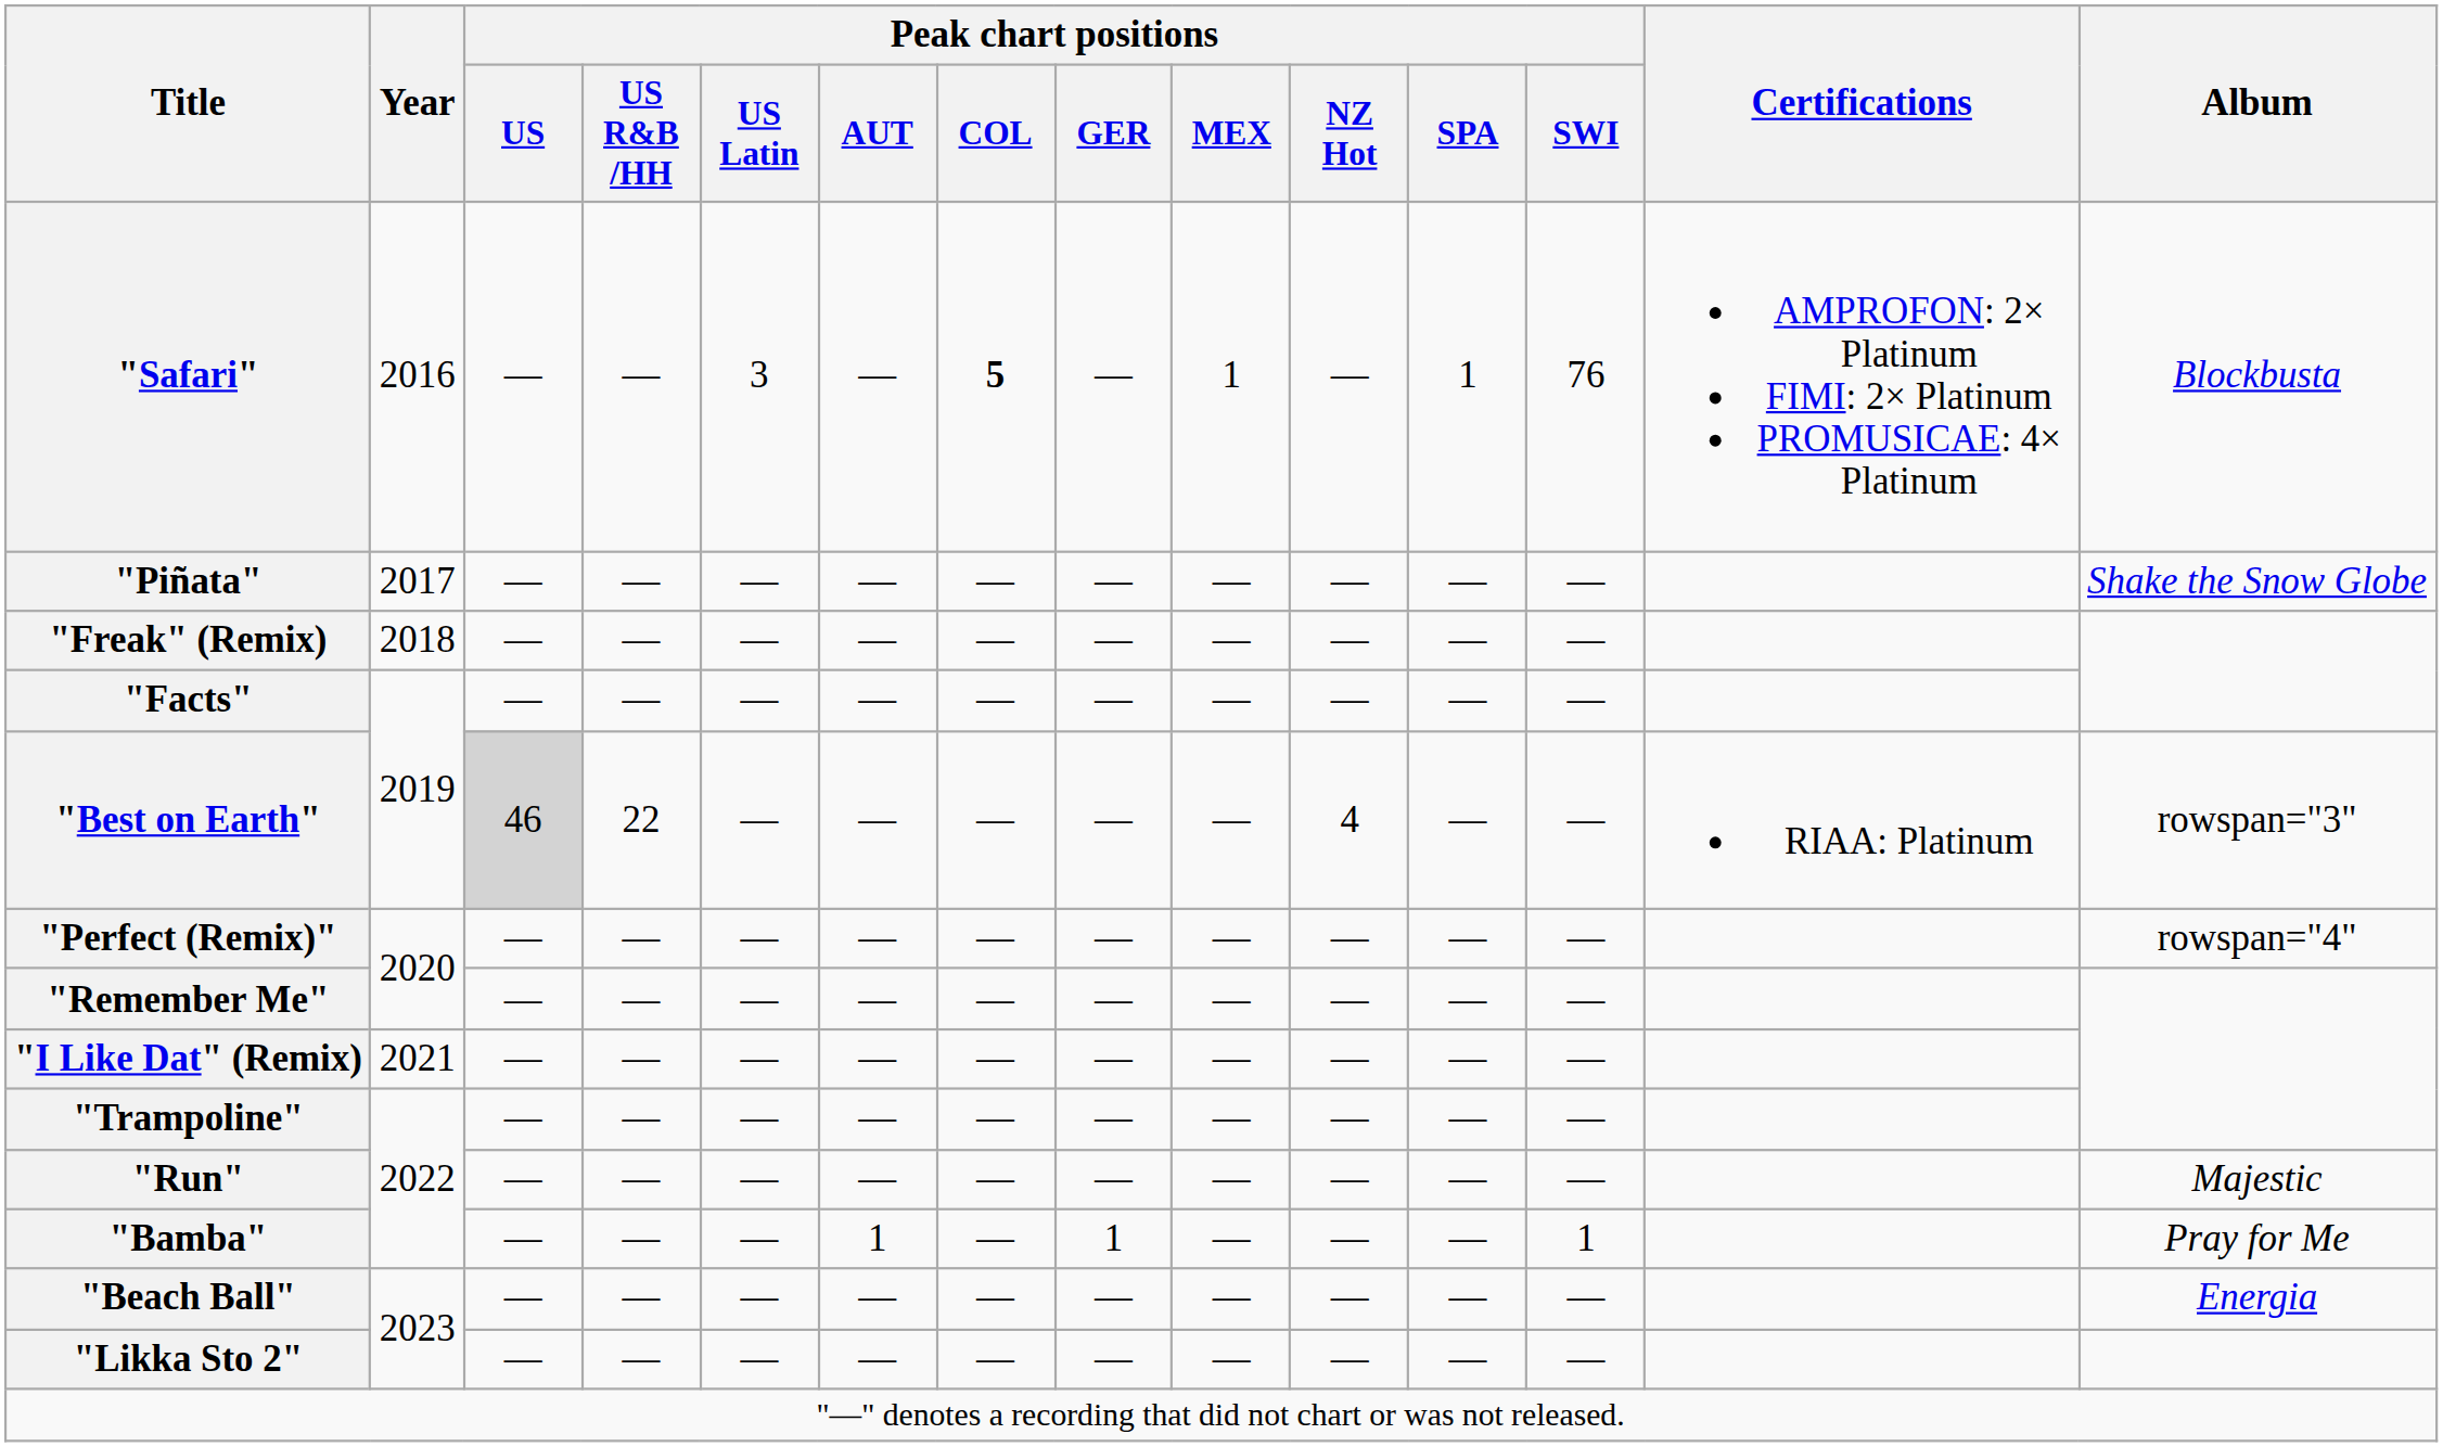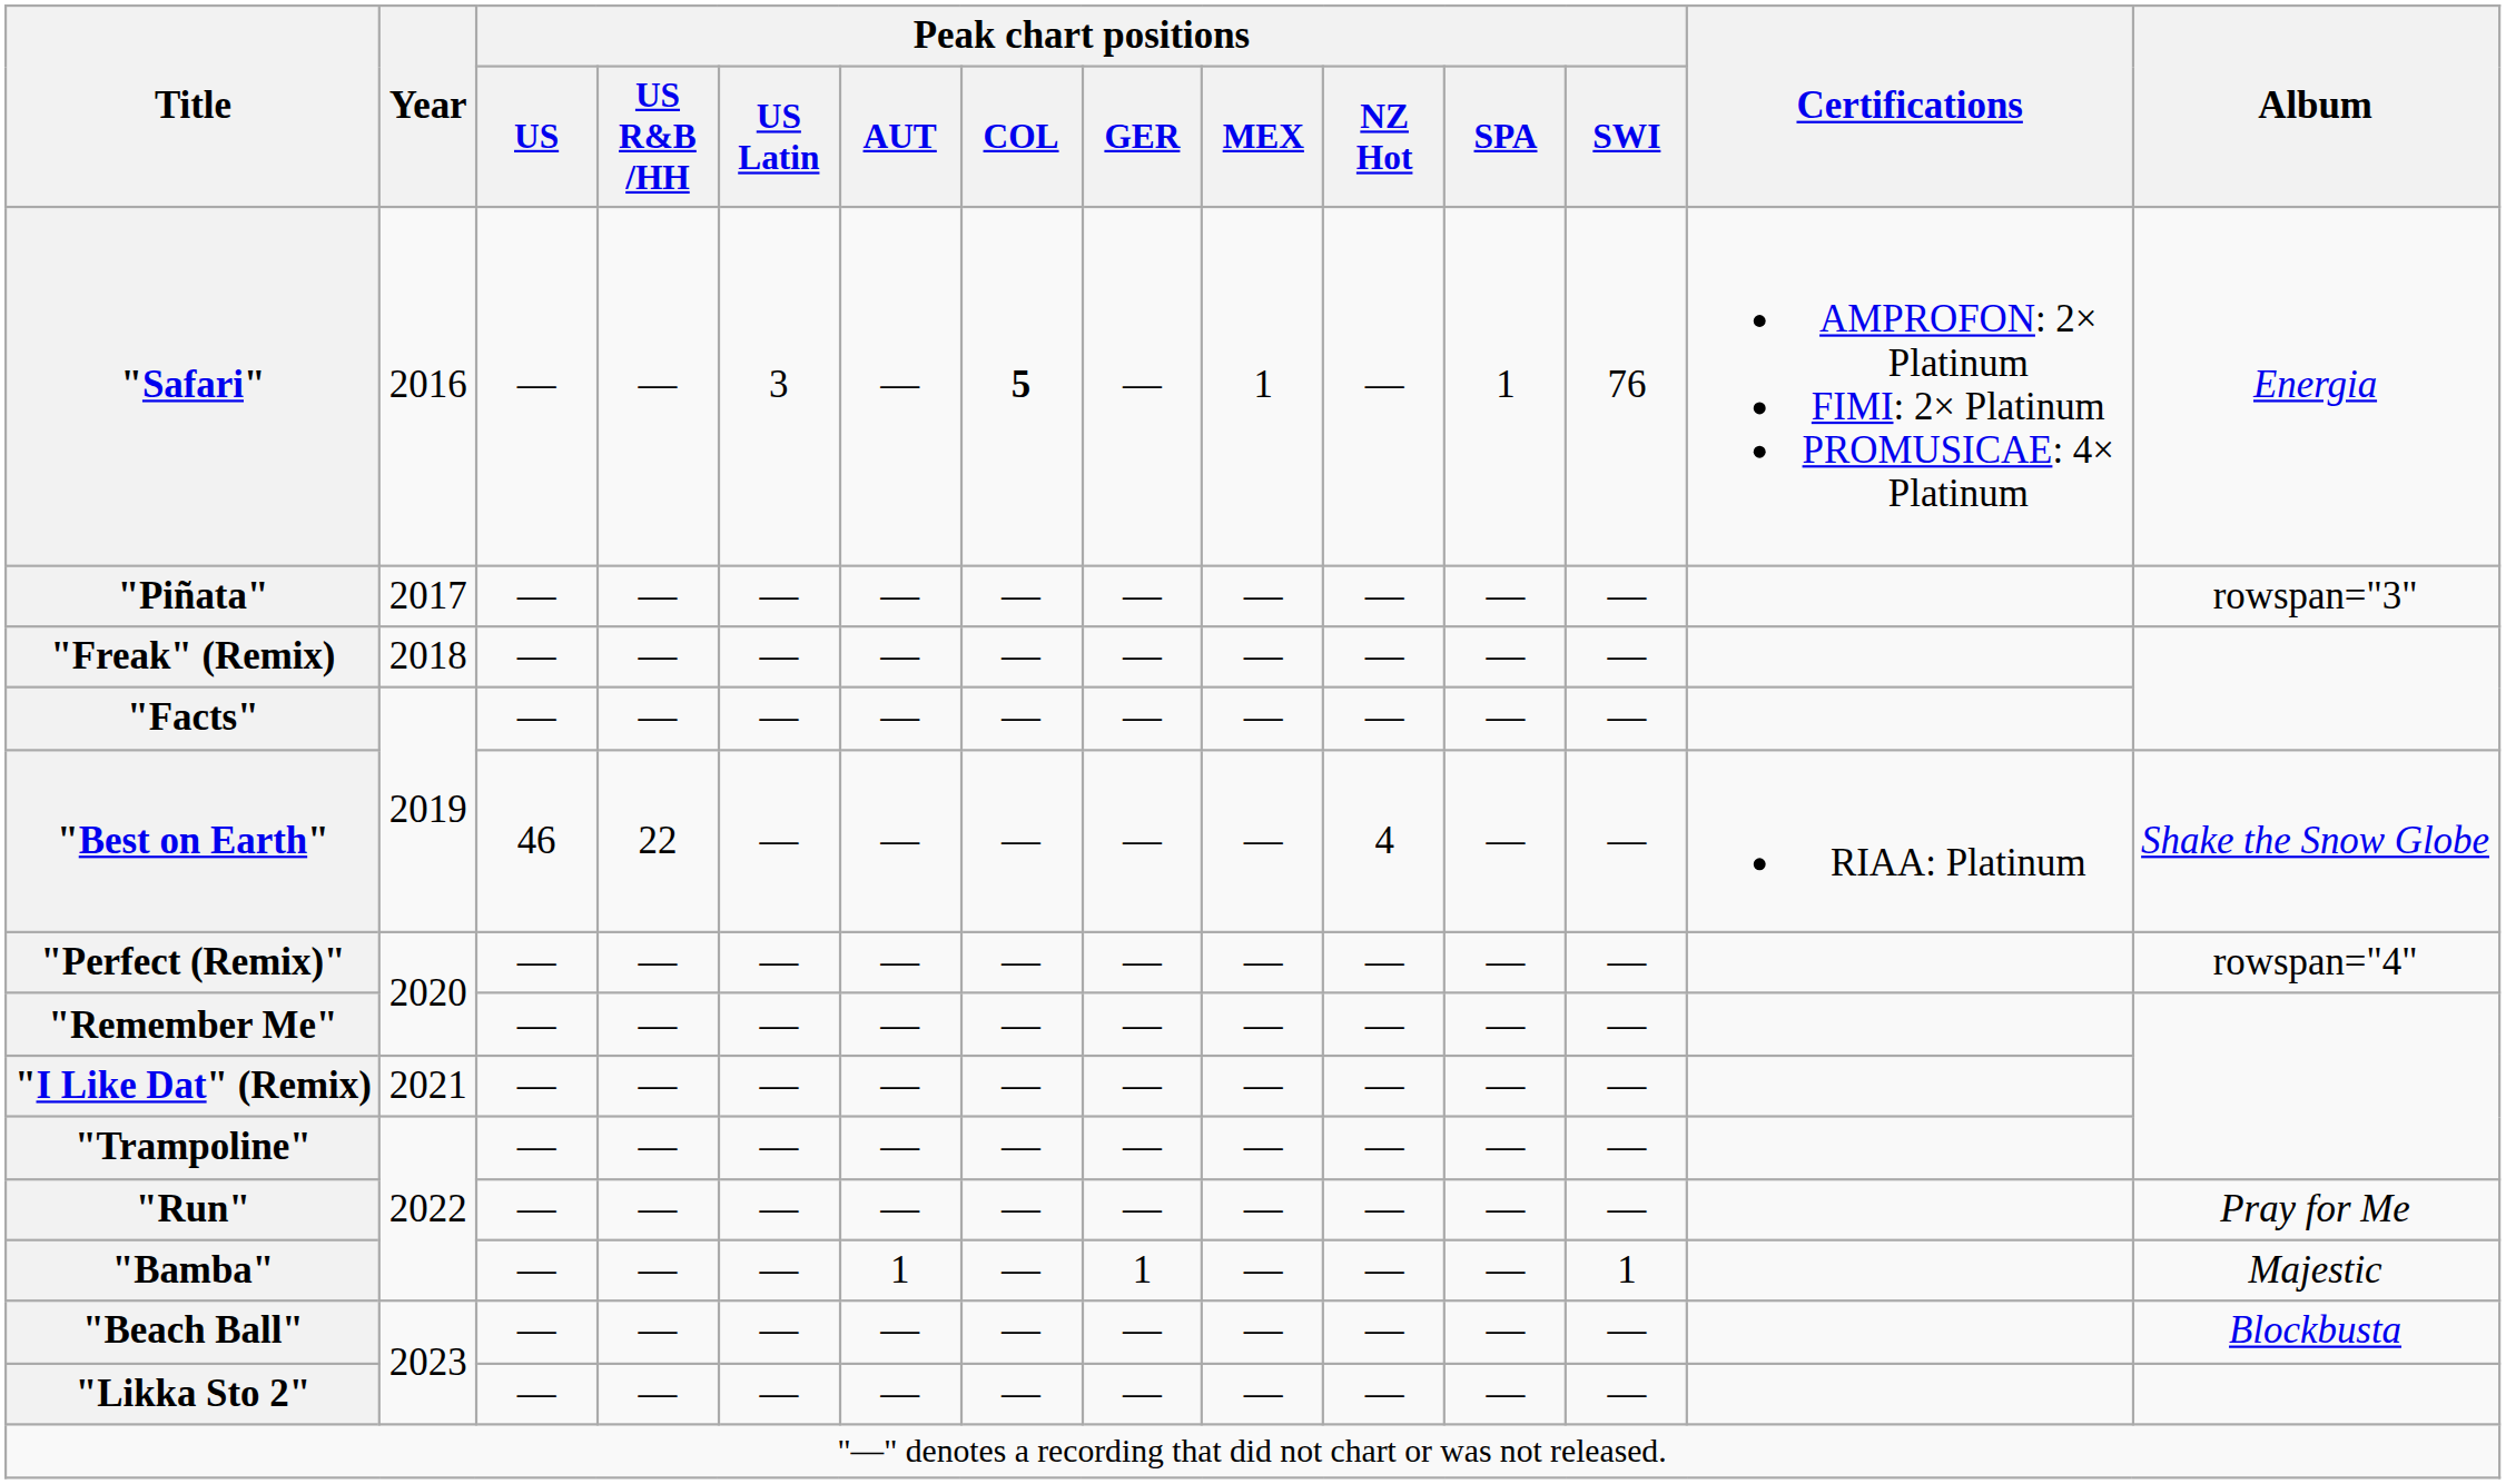 <table class="wikitable plainrowheaders" style="text-align:center;">
 <tr>
 <th scope="col" rowspan="2">Title</th>
 <th scope="col" rowspan="2">Year</th>
 <th colspan="10" scope="col">Peak chart positions</th>
 <th scope="col" rowspan="2" style="width:11em;"><a href='#'>Certifications</a></th>
 <th scope="col" rowspan="2">Album</th>
 </tr>
 <tr>
 <th scope="col" style="width:3em;font-size:90%;"><a href='#'>US</a><br></th>
 <th scope="col" style="width:3em;font-size:90%;"><a href='#'>US<br>R&B<br>/HH</a><br></th>
 <th scope="col" style="width:3em;font-size:90%;"><a href='#'>US<br>Latin</a><br></th>
 <th scope="col" style="width:3em;font-size:90%;"><a href='#'>AUT</a><br></th>
 <th scope="col" style="width:3em;font-size:90%;"><a href='#'>COL</a><br></th>
 <th scope="col" style="width:3em;font-size:90%;"><a href='#'>GER</a><br></th>
 <th scope="col" style="width:3em;font-size:90%;"><a href='#'>MEX</a><br></th>
 <th scope="col" style="width:3em;font-size:90%;"><a href='#'>NZ<br>Hot</a><br></th>
 <th scope="col" style="width:3em;font-size:90%;"><a href='#'>SPA</a><br></th>
 <th scope="col" style="width:3em;font-size:90%;"><a href='#'>SWI</a><br></th>
 </tr>
 <tr>
 <th scope="row">"<a href='#'>Safari</a>"<br></th>
 <td>2016</td>
 <td>—</td>
 <td>—</td>
 <td>3</td>
 <td>—</td>
 <td><strong>5</strong></td>
 <td>—</td>
 <td>1</td>
 <td>—</td>
 <td>1</td>
 <td>76</td>
 <td><br><ul><li><a href='#'>AMPROFON</a>: 2× Platinum</li><li><a href='#'>FIMI</a>: 2× Platinum</li><li><a href='#'>PROMUSICAE</a>: 4× Platinum</li></ul></td>
-<td><em><a href='#'>Blockbusta</a></em></td>
+<td><em><a href='#'>Energia</a></em></td>
 </tr>
 <tr>
 <th scope="row">"Piñata" <br></th>
 <td>2017</td>
 <td>—</td>
 <td>—</td>
 <td>—</td>
 <td>—</td>
 <td>—</td>
 <td>—</td>
 <td>—</td>
 <td>—</td>
 <td>—</td>
 <td>—</td>
 <td></td>
-<td><em><a href='#'>Shake the Snow Globe</a></em></td>
+<td>rowspan="3" </td>
 </tr>
 <tr>
 <th scope="row">"Freak" (Remix) <br></th>
 <td>2018</td>
 <td>—</td>
 <td>—</td>
 <td>—</td>
 <td>—</td>
 <td>—</td>
 <td>—</td>
 <td>—</td>
 <td>—</td>
 <td>—</td>
 <td>—</td>
 <td></td>
 </tr>
 <tr>
 <th scope="row">"Facts" <br></th>
 <td rowspan="2">2019</td>
 <td>—</td>
 <td>—</td>
 <td>—</td>
 <td>—</td>
 <td>—</td>
 <td>—</td>
 <td>—</td>
 <td>—</td>
 <td>—</td>
 <td>—</td>
 <td></td>
 </tr>
 <tr>
 <th scope="row">"<a href='#'>Best on Earth</a>"<br></th>
-<td style="background: lightgrey;">46</td>
+<td>46</td>
 <td>22</td>
 <td>—</td>
 <td>—</td>
 <td>—</td>
 <td>—</td>
 <td>—</td>
 <td>4</td>
 <td>—</td>
 <td>—</td>
 <td><br><ul><li>RIAA: Platinum</li></ul></td>
-<td>rowspan="3" </td>
+<td><em><a href='#'>Shake the Snow Globe</a></em></td>
 </tr>
 <tr>
 <th scope="row">"Perfect (Remix)"<br></th>
 <td rowspan="2">2020</td>
 <td>—</td>
 <td>—</td>
 <td>—</td>
 <td>—</td>
 <td>—</td>
 <td>—</td>
 <td>—</td>
 <td>—</td>
 <td>—</td>
 <td>—</td>
 <td></td>
 <td>rowspan="4" </td>
 </tr>
 <tr>
 <th scope="row">"Remember Me" <br></th>
 <td>—</td>
 <td>—</td>
 <td>—</td>
 <td>—</td>
 <td>—</td>
 <td>—</td>
 <td>—</td>
 <td>—</td>
 <td>—</td>
 <td>—</td>
 <td></td>
 </tr>
 <tr>
 <th scope="row">"<a href='#'>I Like Dat</a>" (Remix) <br></th>
 <td>2021</td>
 <td>—</td>
 <td>—</td>
 <td>—</td>
 <td>—</td>
 <td>—</td>
 <td>—</td>
 <td>—</td>
 <td>—</td>
 <td>—</td>
 <td>—</td>
 <td></td>
 </tr>
 <tr>
 <th scope="row">"Trampoline"<br></th>
 <td rowspan="3">2022</td>
 <td>―</td>
 <td>―</td>
 <td>―</td>
 <td>―</td>
 <td>―</td>
 <td>―</td>
 <td>―</td>
 <td>―</td>
 <td>—</td>
 <td>—</td>
 <td></td>
 </tr>
 <tr>
 <th scope="row">"Run"<br></th>
 <td>―</td>
 <td>―</td>
 <td>―</td>
 <td>―</td>
 <td>―</td>
 <td>―</td>
 <td>―</td>
 <td>―</td>
 <td>—</td>
 <td>—</td>
 <td></td>
-<td><em>Majestic</em></td>
+<td><em>Pray for Me</em></td>
 </tr>
 <tr>
 <th scope="row">"Bamba"<br></th>
 <td>―</td>
 <td>―</td>
 <td>―</td>
 <td>1</td>
 <td>―</td>
 <td>1</td>
 <td>―</td>
 <td>—</td>
 <td>—</td>
 <td>1</td>
 <td></td>
-<td><em>Pray for Me</em></td>
+<td><em>Majestic</em></td>
 </tr>
 <tr>
 <th scope="row">"Beach Ball"<br></th>
 <td rowspan="2">2023</td>
 <td>—</td>
 <td>—</td>
 <td>—</td>
 <td>—</td>
 <td>—</td>
 <td>—</td>
 <td>—</td>
 <td>—</td>
 <td>—</td>
 <td>—</td>
 <td></td>
-<td><em><a href='#'>Energia</a></em></td>
+<td><em><a href='#'>Blockbusta</a></em></td>
 </tr>
 <tr>
 <th scope="row">"Likka Sto 2"<br></th>
 <td>—</td>
 <td>—</td>
 <td>—</td>
 <td>—</td>
 <td>—</td>
 <td>—</td>
 <td>—</td>
 <td>—</td>
 <td>—</td>
 <td>—</td>
 <td></td>
 <td></td>
 </tr>
 <tr>
 <td colspan="14" style="font-size:85%">"—" denotes a recording that did not chart or was not released.</td>
 </tr>
 </table>
